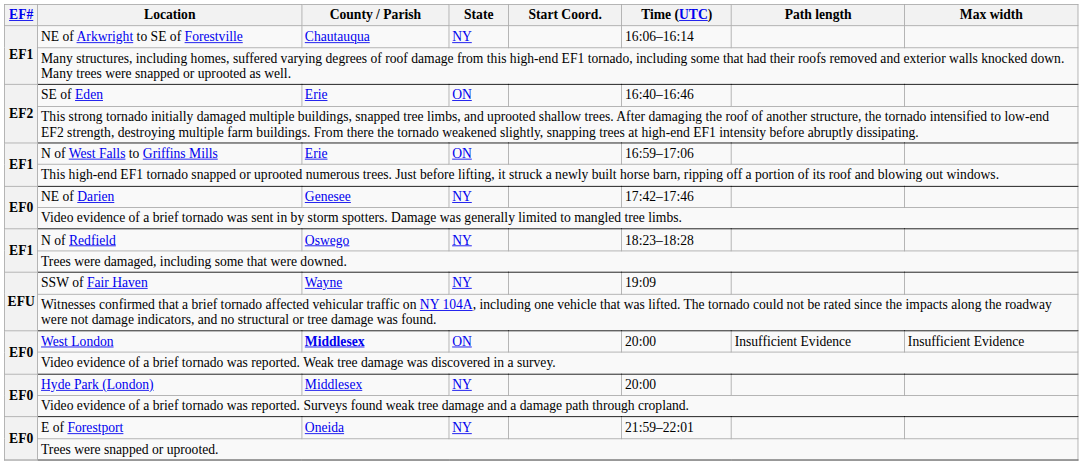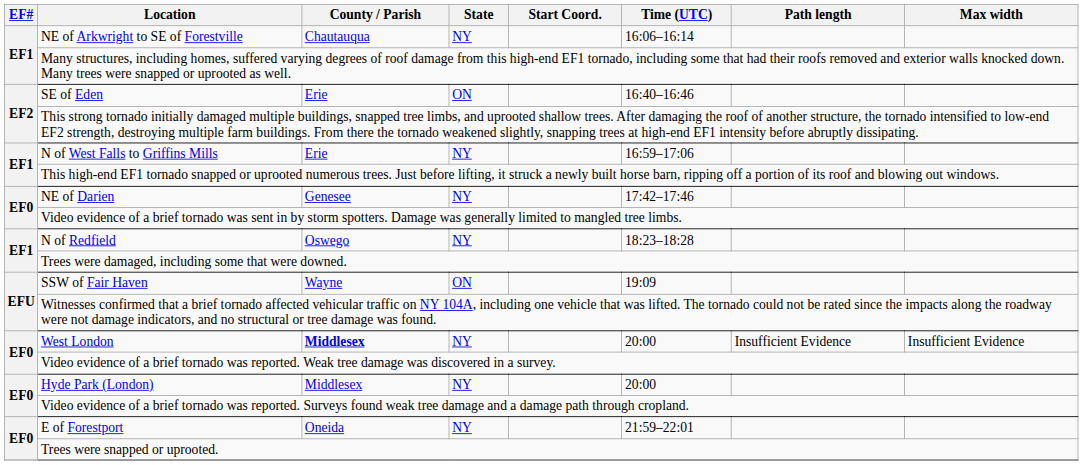 <table class="wikitable sortable" style="width:100%;">
 <tr>
 <th scope="col" width="2%" align="center"><a href='#'>EF#</a></th>
 <th scope="col" align="center" class="unsortable">Location</th>
 <th scope="col" align="center" class="unsortable">County / Parish</th>
 <th scope="col" align="center">State</th>
 <th scope="col" align="center">Start Coord.</th>
 <th scope="col" align="center">Time (<a href='#'>UTC</a>)</th>
 <th scope="col" align="center">Path length</th>
 <th scope="col" align="center">Max width</th>
 </tr>
 <tr>
 <th scope="row" rowspan="2" style="background-color:#">EF1</th>
 <td>NE of <a href='#'>Arkwright</a> to SE of <a href='#'>Forestville</a></td>
 <td><a href='#'>Chautauqua</a></td>
 <td><a href='#'>NY</a></td>
 <td></td>
 <td>16:06–16:14</td>
 <td></td>
 <td></td>
 </tr>
 <tr class="expand-child">
 <td colspan="8" style=" border-bottom: 1px solid black;">Many structures, including homes, suffered varying degrees of roof damage from this high-end EF1 tornado, including some that had their roofs removed and exterior walls knocked down. Many trees were snapped or uprooted as well.</td>
 </tr>
 <tr>
 <th scope="row" rowspan="2" style="background-color:#">EF2</th>
 <td>SE of <a href='#'>Eden</a></td>
 <td><a href='#'>Erie</a></td>
 <td><a href='#'>ON</a></td>
 <td></td>
 <td>16:40–16:46</td>
 <td></td>
 <td></td>
 </tr>
 <tr class="expand-child">
 <td colspan="8" style=" border-bottom: 1px solid black;">This strong tornado initially damaged multiple buildings, snapped tree limbs, and uprooted shallow trees. After damaging the roof of another structure, the tornado intensified to low-end EF2 strength, destroying multiple farm buildings. From there the tornado weakened slightly, snapping trees at high-end EF1 intensity before abruptly dissipating.</td>
 </tr>
 <tr>
 <th scope="row" rowspan="2" style="background-color:#">EF1</th>
 <td>N of <a href='#'>West Falls</a> to <a href='#'>Griffins Mills</a></td>
 <td><a href='#'>Erie</a></td>
-<td><a href='#'>ON</a></td>
+<td><a href='#'>NY</a></td>
 <td></td>
 <td>16:59–17:06</td>
 <td></td>
 <td></td>
 </tr>
 <tr class="expand-child">
 <td colspan="8" style=" border-bottom: 1px solid black;">This high-end EF1 tornado snapped or uprooted numerous trees. Just before lifting, it struck a newly built horse barn, ripping off a portion of its roof and blowing out windows.</td>
 </tr>
 <tr>
 <th scope="row" rowspan="2" style="background-color:#">EF0</th>
 <td>NE of <a href='#'>Darien</a></td>
 <td><a href='#'>Genesee</a></td>
 <td><a href='#'>NY</a></td>
 <td></td>
 <td>17:42–17:46</td>
 <td></td>
 <td></td>
 </tr>
 <tr class="expand-child">
 <td colspan="8" style=" border-bottom: 1px solid black;">Video evidence of a brief tornado was sent in by storm spotters. Damage was generally limited to mangled tree limbs.</td>
 </tr>
 <tr>
 <th scope="row" rowspan="2" style="background-color:#">EF1</th>
 <td>N of <a href='#'>Redfield</a></td>
 <td><a href='#'>Oswego</a></td>
 <td><a href='#'>NY</a></td>
 <td></td>
 <td>18:23–18:28</td>
 <td></td>
 <td></td>
 </tr>
 <tr class="expand-child">
 <td colspan="8" style=" border-bottom: 1px solid black;">Trees were damaged, including some that were downed.</td>
 </tr>
 <tr>
 <th scope="row" rowspan="2" style="background-color:#">EFU</th>
 <td>SSW of <a href='#'>Fair Haven</a></td>
 <td><a href='#'>Wayne</a></td>
-<td><a href='#'>NY</a></td>
+<td><a href='#'>ON</a></td>
 <td></td>
 <td>19:09</td>
 <td></td>
 <td></td>
 </tr>
 <tr class="expand-child">
 <td colspan="8" style=" border-bottom: 1px solid black;">Witnesses confirmed that a brief tornado affected vehicular traffic on <a href='#'>NY 104A</a>, including one vehicle that was lifted. The tornado could not be rated since the impacts along the roadway were not damage indicators, and no structural or tree damage was found.</td>
 </tr>
 <tr>
 <th scope="row" rowspan="2" style="background-color:#">EF0</th>
 <td><a href='#'>West London</a></td>
 <td><strong><a href='#'>Middlesex</a></strong></td>
-<td><a href='#'>ON</a></td>
+<td><a href='#'>NY</a></td>
 <td></td>
 <td>20:00</td>
 <td>Insufficient Evidence</td>
 <td>Insufficient Evidence</td>
 </tr>
 <tr class="expand-child">
 <td colspan="8" style=" border-bottom: 1px solid black;">Video evidence of a brief tornado was reported. Weak tree damage was discovered in a survey.</td>
 </tr>
 <tr>
 <th scope="row" rowspan="2" style="background-color:#">EF0</th>
 <td><a href='#'>Hyde Park (London)</a></td>
 <td><a href='#'>Middlesex</a></td>
 <td><a href='#'>NY</a></td>
 <td></td>
 <td>20:00</td>
 <td></td>
 <td></td>
 </tr>
 <tr class="expand-child">
 <td colspan="8" style=" border-bottom: 1px solid black;">Video evidence of a brief tornado was reported. Surveys found weak tree damage and a damage path through cropland.</td>
 </tr>
 <tr>
 <th scope="row" rowspan="2" style="background-color:#">EF0</th>
 <td>E of <a href='#'>Forestport</a></td>
 <td><a href='#'>Oneida</a></td>
 <td><a href='#'>NY</a></td>
 <td></td>
 <td>21:59–22:01</td>
 <td></td>
 <td></td>
 </tr>
 <tr class="expand-child">
 <td colspan="8" style=" border-bottom: 1px solid black;">Trees were snapped or uprooted.</td>
 </tr>
 <tr>
 </tr>
 </table>
